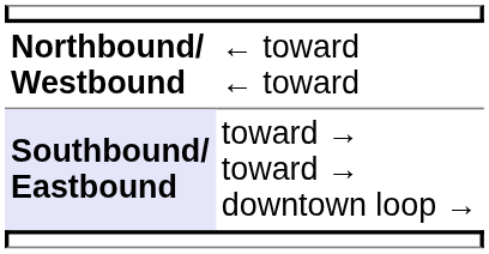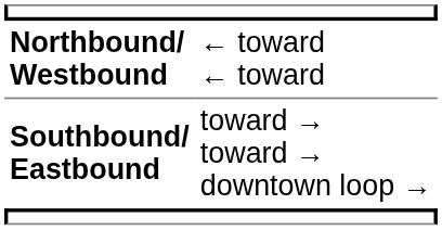 <table table border=0 cellspacing=0 cellpadding=3>
 <tr>
 <td style="border-bottom:solid 2px black;border-right:solid 2px black;border-left:solid 2px black;border-top:solid 1px gray;text-align:center;" colspan=2></td>
 </tr>
 <tr>
 <td style="border-bottom:solid 1px gray;"><strong>Northbound/<br>Westbound</strong></td>
 <td style="border-bottom:solid 1px gray;">← <strong></strong> toward  <br>← <strong></strong> toward  </td>
 </tr>
 <tr>
-<td style="background: lavender;"><strong>Southbound/<br>Eastbound</strong></td>
+<td><strong>Southbound/<br>Eastbound</strong></td>
 <td> <strong></strong> toward   →<br> <strong></strong> toward   →<br> <strong></strong> downtown loop  →</td>
 </tr>
 <tr>
 <td style="border-top:solid 2px black;border-right:solid 2px black;border-left:solid 2px black;border-bottom:solid 1px gray;text-align:center;" colspan=2></td>
 </tr>
 </table>
